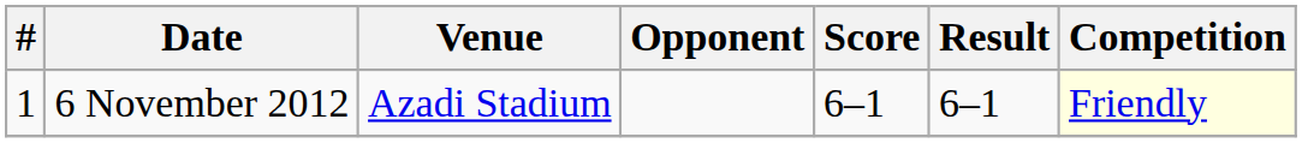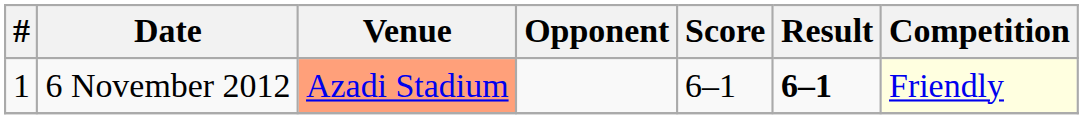 <table class="wikitable">
 <tr>
 <th>#</th>
 <th>Date</th>
 <th>Venue</th>
 <th>Opponent</th>
 <th>Score</th>
 <th>Result</th>
 <th>Competition</th>
 </tr>
 <tr>
 <td>1</td>
 <td>6 November 2012</td>
-<td><a href='#'>Azadi Stadium</a></td>
+<td style="background: lightsalmon;"><a href='#'>Azadi Stadium</a></td>
 <td></td>
 <td>6–1</td>
-<td>6–1</td>
+<td><strong>6–1</strong></td>
 <td style="background: lightyellow;"><a href='#'>Friendly</a></td>
 </tr>
 <tr>
 </tr>
 </table>
